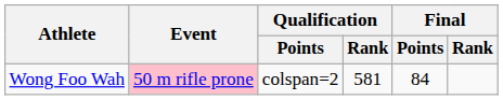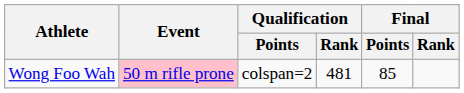 <table class="wikitable" style="font-size:90%;">
 <tr>
 <th rowspan=2>Athlete</th>
 <th rowspan=2>Event</th>
 <th colspan=2>Qualification</th>
 <th colspan=2>Final</th>
 </tr>
 <tr style="font-size:95%">
 <th>Points</th>
 <th>Rank</th>
 <th>Points</th>
 <th>Rank</th>
 </tr>
 <tr align=center>
 <td align=left><a href='#'>Wong Foo Wah</a></td>
 <td align=left style="background: pink;"><a href='#'>50 m rifle prone</a></td>
 <td>colspan=2 </td>
-<td>581</td>
-<td>84</td>
+<td>481</td>
+<td>85</td>
 </tr>
 </table>
